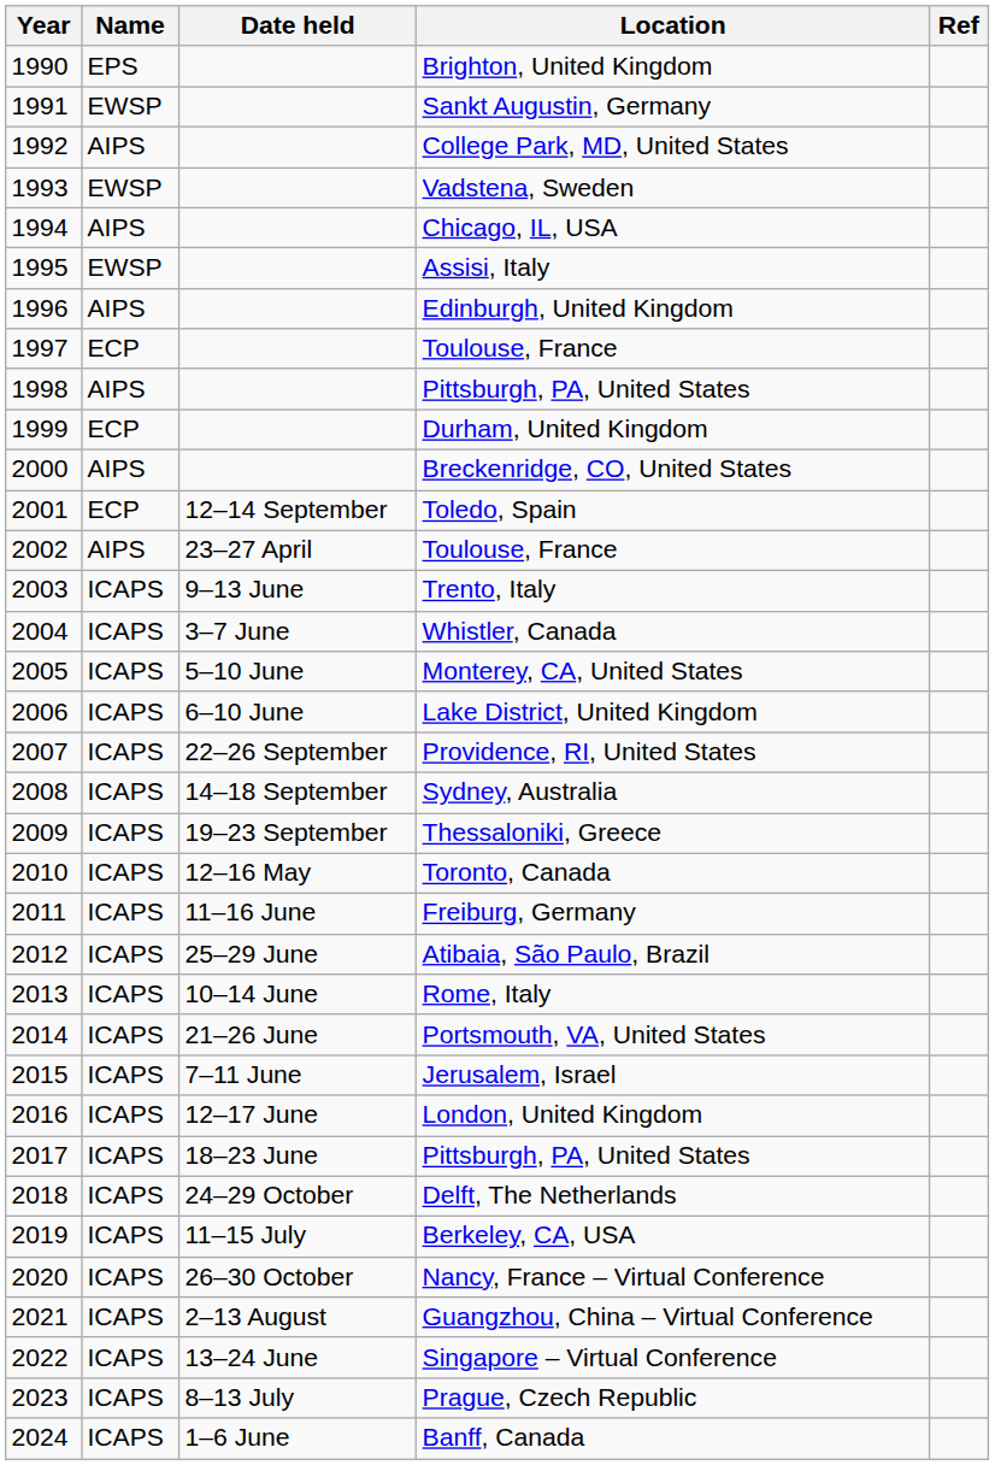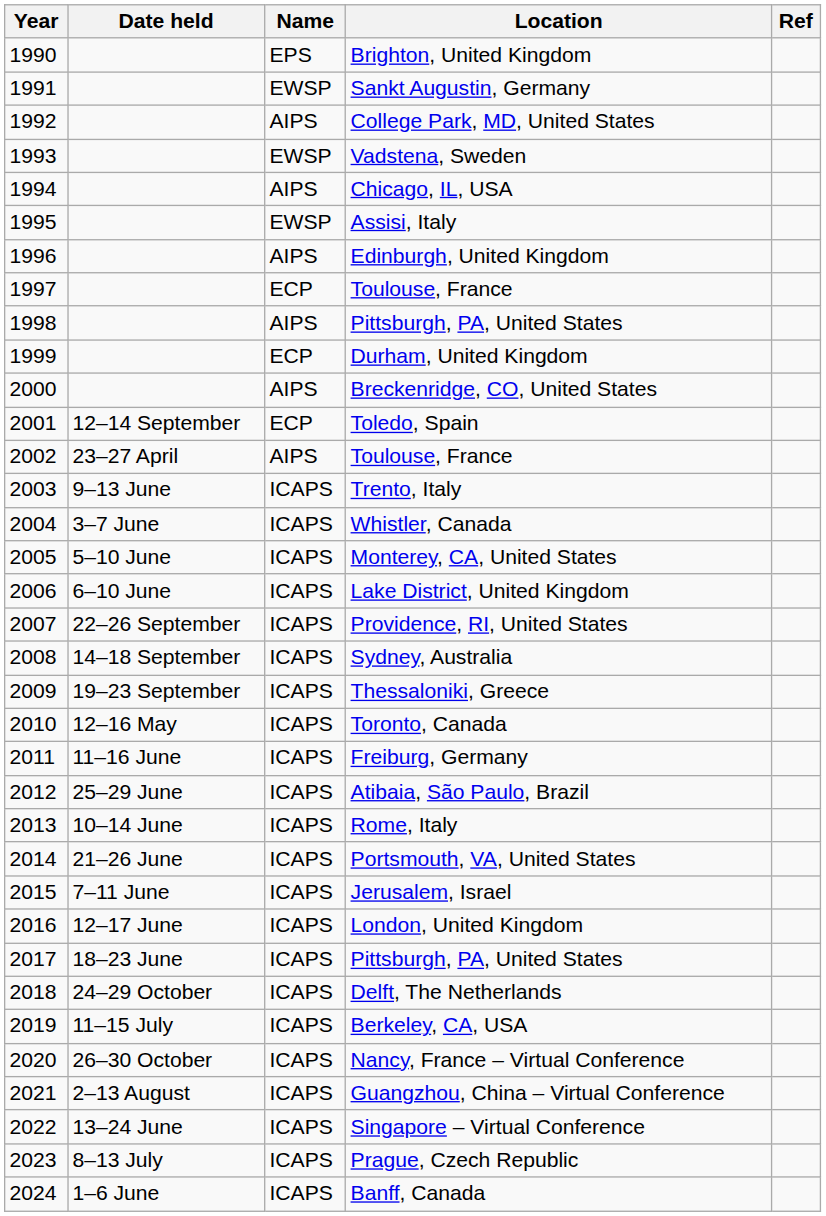 <table class="wikitable defaultcenter col4left col5left" style="display: inline-table;width: 70%;">
 <tr>
 <th>Year</th>
+<th>Date held</th>
 <th>Name</th>
-<th>Date held</th>
 <th>Location</th>
 <th>Ref</th>
 </tr>
 <tr>
 <td>1990</td>
+<td></td>
 <td>EPS</td>
-<td></td>
 <td> <a href='#'>Brighton</a>, United Kingdom</td>
 <td></td>
 </tr>
 <tr>
 <td>1991</td>
+<td></td>
 <td>EWSP</td>
-<td></td>
 <td> <a href='#'>Sankt Augustin</a>, Germany</td>
 <td></td>
 </tr>
 <tr>
 <td>1992</td>
+<td></td>
 <td>AIPS</td>
-<td></td>
 <td> <a href='#'>College Park</a>, <a href='#'>MD</a>, United States</td>
 <td></td>
 </tr>
 <tr>
 <td>1993</td>
+<td></td>
 <td>EWSP</td>
-<td></td>
 <td> <a href='#'>Vadstena</a>, Sweden</td>
 <td></td>
 </tr>
 <tr>
 <td>1994</td>
+<td></td>
 <td>AIPS</td>
-<td></td>
 <td> <a href='#'>Chicago</a>, <a href='#'>IL</a>, USA</td>
 <td></td>
 </tr>
 <tr>
 <td>1995</td>
+<td></td>
 <td>EWSP</td>
-<td></td>
 <td> <a href='#'>Assisi</a>, Italy</td>
 <td></td>
 </tr>
 <tr>
 <td>1996</td>
+<td></td>
 <td>AIPS</td>
-<td></td>
 <td> <a href='#'>Edinburgh</a>, United Kingdom</td>
 <td></td>
 </tr>
 <tr>
 <td>1997</td>
+<td></td>
 <td>ECP</td>
-<td></td>
 <td> <a href='#'>Toulouse</a>, France</td>
 <td></td>
 </tr>
 <tr>
 <td>1998</td>
+<td></td>
 <td>AIPS</td>
-<td></td>
 <td> <a href='#'>Pittsburgh</a>, <a href='#'>PA</a>, United States</td>
 <td></td>
 </tr>
 <tr>
 <td>1999</td>
+<td></td>
 <td>ECP</td>
-<td></td>
 <td> <a href='#'>Durham</a>, United Kingdom</td>
 <td></td>
 </tr>
 <tr>
 <td>2000</td>
+<td></td>
 <td>AIPS</td>
-<td></td>
 <td> <a href='#'>Breckenridge</a>, <a href='#'>CO</a>, United States</td>
 <td></td>
 </tr>
 <tr>
 <td>2001</td>
+<td>12–14 September</td>
 <td>ECP</td>
-<td>12–14 September</td>
 <td> <a href='#'>Toledo</a>, Spain</td>
 <td></td>
 </tr>
 <tr>
 <td>2002</td>
+<td>23–27 April</td>
 <td>AIPS</td>
-<td>23–27 April</td>
 <td> <a href='#'>Toulouse</a>, France</td>
 <td></td>
 </tr>
 <tr>
 <td>2003</td>
+<td>9–13 June</td>
 <td>ICAPS</td>
-<td>9–13 June</td>
 <td> <a href='#'>Trento</a>, Italy</td>
 <td></td>
 </tr>
 <tr>
 <td>2004</td>
+<td>3–7 June</td>
 <td>ICAPS</td>
-<td>3–7 June</td>
 <td> <a href='#'>Whistler</a>, Canada</td>
 <td></td>
 </tr>
 <tr>
 <td>2005</td>
+<td>5–10 June</td>
 <td>ICAPS</td>
-<td>5–10 June</td>
 <td> <a href='#'>Monterey</a>, <a href='#'>CA</a>, United States</td>
 <td></td>
 </tr>
 <tr>
 <td>2006</td>
+<td>6–10 June</td>
 <td>ICAPS</td>
-<td>6–10 June</td>
 <td> <a href='#'>Lake District</a>, United Kingdom</td>
 <td></td>
 </tr>
 <tr>
 <td>2007</td>
+<td>22–26 September</td>
 <td>ICAPS</td>
-<td>22–26 September</td>
 <td> <a href='#'>Providence</a>, <a href='#'>RI</a>, United States</td>
 <td></td>
 </tr>
 <tr>
 <td>2008</td>
+<td>14–18 September</td>
 <td>ICAPS</td>
-<td>14–18 September</td>
 <td> <a href='#'>Sydney</a>, Australia</td>
 <td></td>
 </tr>
 <tr>
 <td>2009</td>
+<td>19–23 September</td>
 <td>ICAPS</td>
-<td>19–23 September</td>
 <td> <a href='#'>Thessaloniki</a>, Greece</td>
 <td></td>
 </tr>
 <tr>
 <td>2010</td>
+<td>12–16 May</td>
 <td>ICAPS</td>
-<td>12–16 May</td>
 <td> <a href='#'>Toronto</a>, Canada</td>
 <td></td>
 </tr>
 <tr>
 <td>2011</td>
+<td>11–16 June</td>
 <td>ICAPS</td>
-<td>11–16 June</td>
 <td> <a href='#'>Freiburg</a>, Germany</td>
 <td></td>
 </tr>
 <tr>
 <td>2012</td>
+<td>25–29 June</td>
 <td>ICAPS</td>
-<td>25–29 June</td>
 <td> <a href='#'>Atibaia</a>, <a href='#'>São Paulo</a>, Brazil</td>
 <td></td>
 </tr>
 <tr>
 <td>2013</td>
+<td>10–14 June</td>
 <td>ICAPS</td>
-<td>10–14 June</td>
 <td> <a href='#'>Rome</a>, Italy</td>
 <td></td>
 </tr>
 <tr>
 <td>2014</td>
+<td>21–26 June</td>
 <td>ICAPS</td>
-<td>21–26 June</td>
 <td> <a href='#'>Portsmouth</a>, <a href='#'>VA</a>, United States</td>
 <td></td>
 </tr>
 <tr>
 <td>2015</td>
+<td>7–11 June</td>
 <td>ICAPS</td>
-<td>7–11 June</td>
 <td> <a href='#'>Jerusalem</a>, Israel</td>
 <td></td>
 </tr>
 <tr>
 <td>2016</td>
+<td>12–17 June</td>
 <td>ICAPS</td>
-<td>12–17 June</td>
 <td> <a href='#'>London</a>, United Kingdom</td>
 <td></td>
 </tr>
 <tr>
 <td>2017</td>
+<td>18–23 June</td>
 <td>ICAPS</td>
-<td>18–23 June</td>
 <td> <a href='#'>Pittsburgh</a>, <a href='#'>PA</a>, United States</td>
 <td></td>
 </tr>
 <tr>
 <td>2018</td>
+<td>24–29 October</td>
 <td>ICAPS</td>
-<td>24–29 October</td>
 <td> <a href='#'>Delft</a>, The Netherlands</td>
 <td></td>
 </tr>
 <tr>
 <td>2019</td>
+<td>11–15 July</td>
 <td>ICAPS</td>
-<td>11–15 July</td>
 <td> <a href='#'>Berkeley</a>, <a href='#'>CA</a>, USA</td>
 <td></td>
 </tr>
 <tr>
 <td>2020</td>
+<td>26–30 October</td>
 <td>ICAPS</td>
-<td>26–30 October</td>
 <td> <a href='#'>Nancy</a>, France – Virtual Conference</td>
 <td></td>
 </tr>
 <tr>
 <td>2021</td>
+<td>2–13 August</td>
 <td>ICAPS</td>
-<td>2–13 August</td>
 <td> <a href='#'>Guangzhou</a>, China – Virtual Conference</td>
 <td></td>
 </tr>
 <tr>
 <td>2022</td>
+<td>13–24 June</td>
 <td>ICAPS</td>
-<td>13–24 June</td>
 <td> <a href='#'>Singapore</a> – Virtual Conference</td>
 <td></td>
 </tr>
 <tr>
 <td>2023</td>
+<td>8–13 July</td>
 <td>ICAPS</td>
-<td>8–13 July</td>
 <td> <a href='#'>Prague</a>, Czech Republic</td>
 <td></td>
 </tr>
 <tr>
 <td>2024</td>
+<td>1–6 June</td>
 <td>ICAPS</td>
-<td>1–6 June</td>
 <td> <a href='#'>Banff</a>, Canada</td>
 <td></td>
 </tr>
 </table>
